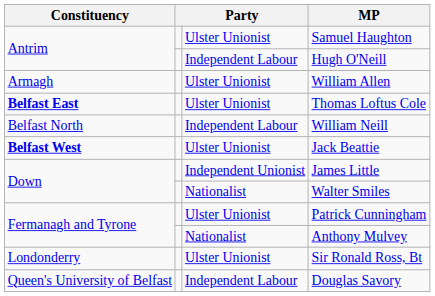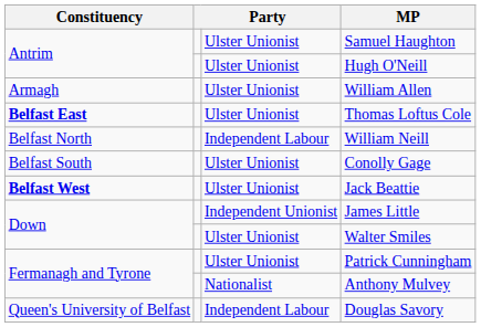 <table class=wikitable>
 <tr>
 <th>Constituency</th>
 <th colspan=2>Party</th>
 <th>MP</th>
 </tr>
 <tr>
 <td rowspan=2><a href='#'>Antrim</a></td>
 <td style="background-color: "></td>
 <td><a href='#'>Ulster Unionist</a></td>
 <td><a href='#'>Samuel Haughton</a></td>
 </tr>
 <tr>
 <td style="background-color: "></td>
-<td><a href='#'>Independent Labour</a></td>
+<td><a href='#'>Ulster Unionist</a></td>
 <td><a href='#'>Hugh O'Neill</a></td>
 </tr>
 <tr>
 <td><a href='#'>Armagh</a></td>
 <td style="background-color: "></td>
 <td><a href='#'>Ulster Unionist</a></td>
 <td><a href='#'>William Allen</a></td>
 </tr>
 <tr>
 <td><strong><a href='#'>Belfast East</a></strong></td>
 <td style="background-color: "></td>
 <td><a href='#'>Ulster Unionist</a></td>
 <td><a href='#'>Thomas Loftus Cole</a></td>
 </tr>
 <tr>
 <td><a href='#'>Belfast North</a></td>
 <td style="background-color: "></td>
 <td><a href='#'>Independent Labour</a></td>
 <td><a href='#'>William Neill</a></td>
 </tr>
 <tr>
+<td><a href='#'>Belfast South</a></td>
+<td style="background-color: "></td>
+<td><a href='#'>Ulster Unionist</a></td>
+<td><a href='#'>Conolly Gage</a></td>
+</tr>
+<tr>
 <td><strong><a href='#'>Belfast West</a></strong></td>
 <td style="background-color: "></td>
 <td><a href='#'>Ulster Unionist</a></td>
 <td><a href='#'>Jack Beattie</a></td>
 </tr>
 <tr>
 <td rowspan=2><a href='#'>Down</a></td>
 <td style="background-color: "></td>
 <td><a href='#'>Independent Unionist</a></td>
 <td><a href='#'>James Little</a></td>
 </tr>
 <tr>
 <td style="background-color: "></td>
-<td><a href='#'>Nationalist</a></td>
+<td><a href='#'>Ulster Unionist</a></td>
 <td><a href='#'>Walter Smiles</a></td>
 </tr>
 <tr>
 <td rowspan=2><a href='#'>Fermanagh and Tyrone</a></td>
 <td style="background-color: "></td>
 <td><a href='#'>Ulster Unionist</a></td>
 <td><a href='#'>Patrick Cunningham</a></td>
 </tr>
 <tr>
 <td style="background-color: "></td>
 <td><a href='#'>Nationalist</a></td>
 <td><a href='#'>Anthony Mulvey</a></td>
 </tr>
 <tr>
-<td><a href='#'>Londonderry</a></td>
-<td style="background-color: "></td>
-<td><a href='#'>Ulster Unionist</a></td>
-<td><a href='#'>Sir Ronald Ross, Bt</a></td>
-</tr>
-<tr>
 <td><a href='#'>Queen's University of Belfast</a></td>
 <td style="background-color: "></td>
 <td><a href='#'>Independent Labour</a></td>
 <td><a href='#'>Douglas Savory</a></td>
 </tr>
 </table>
